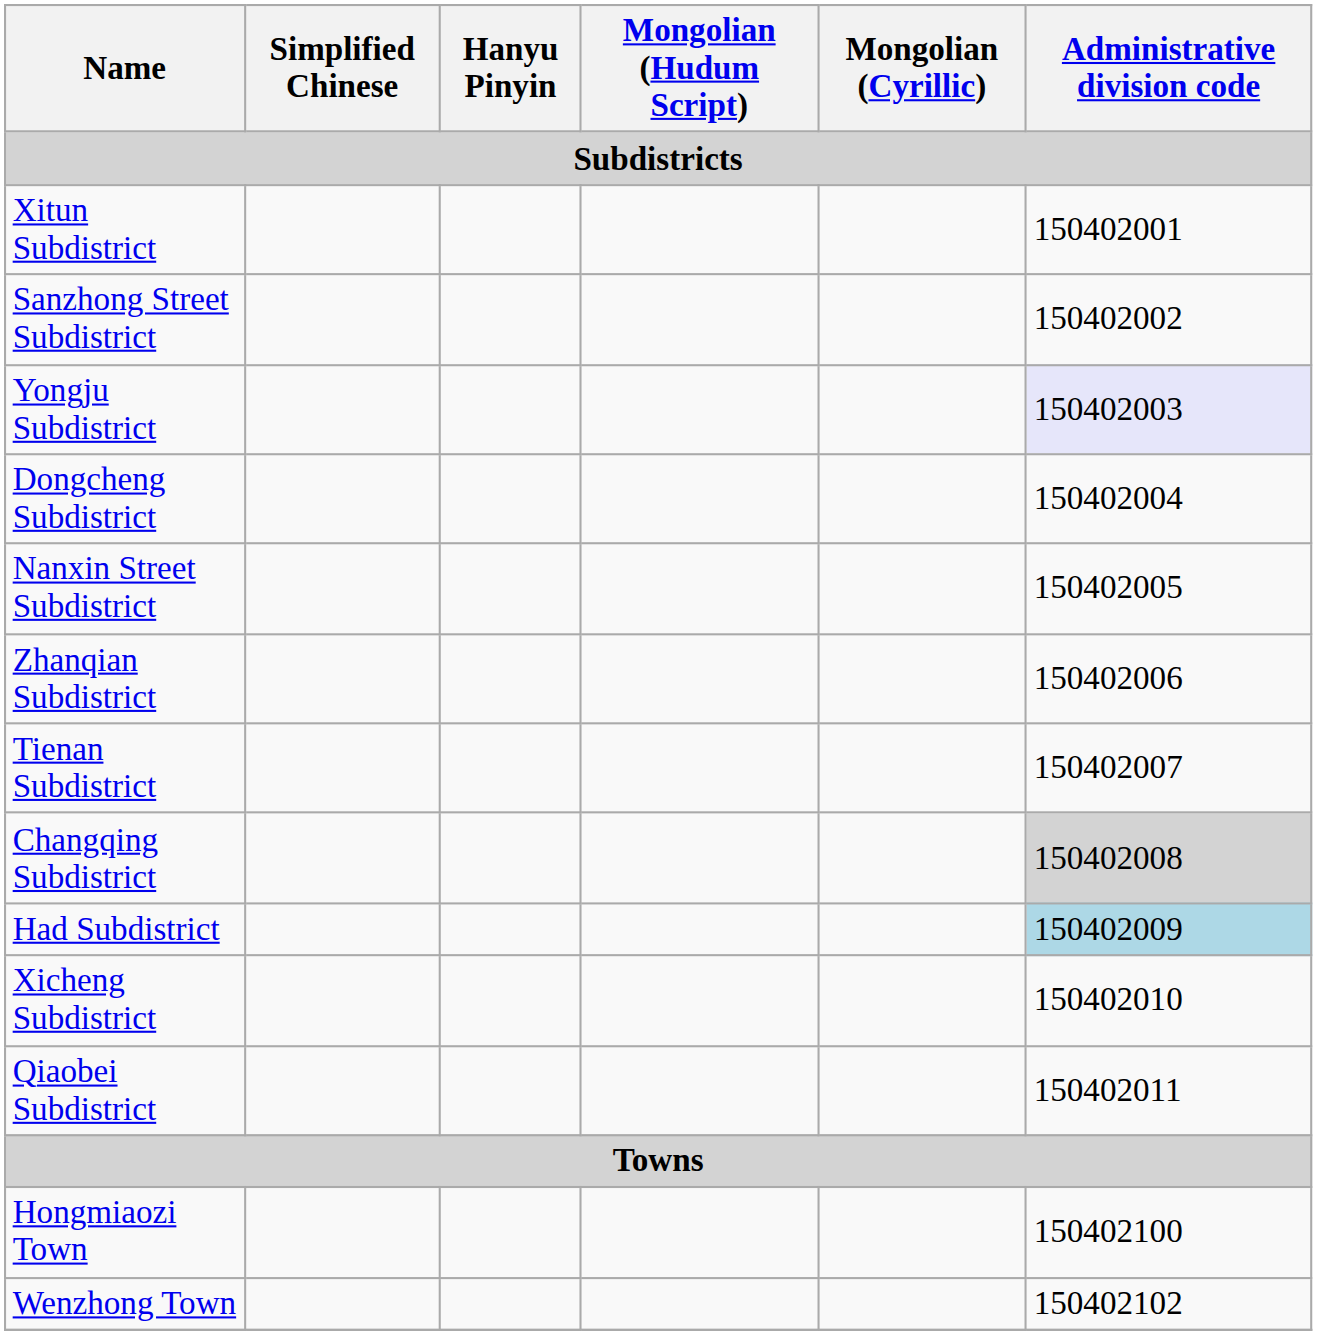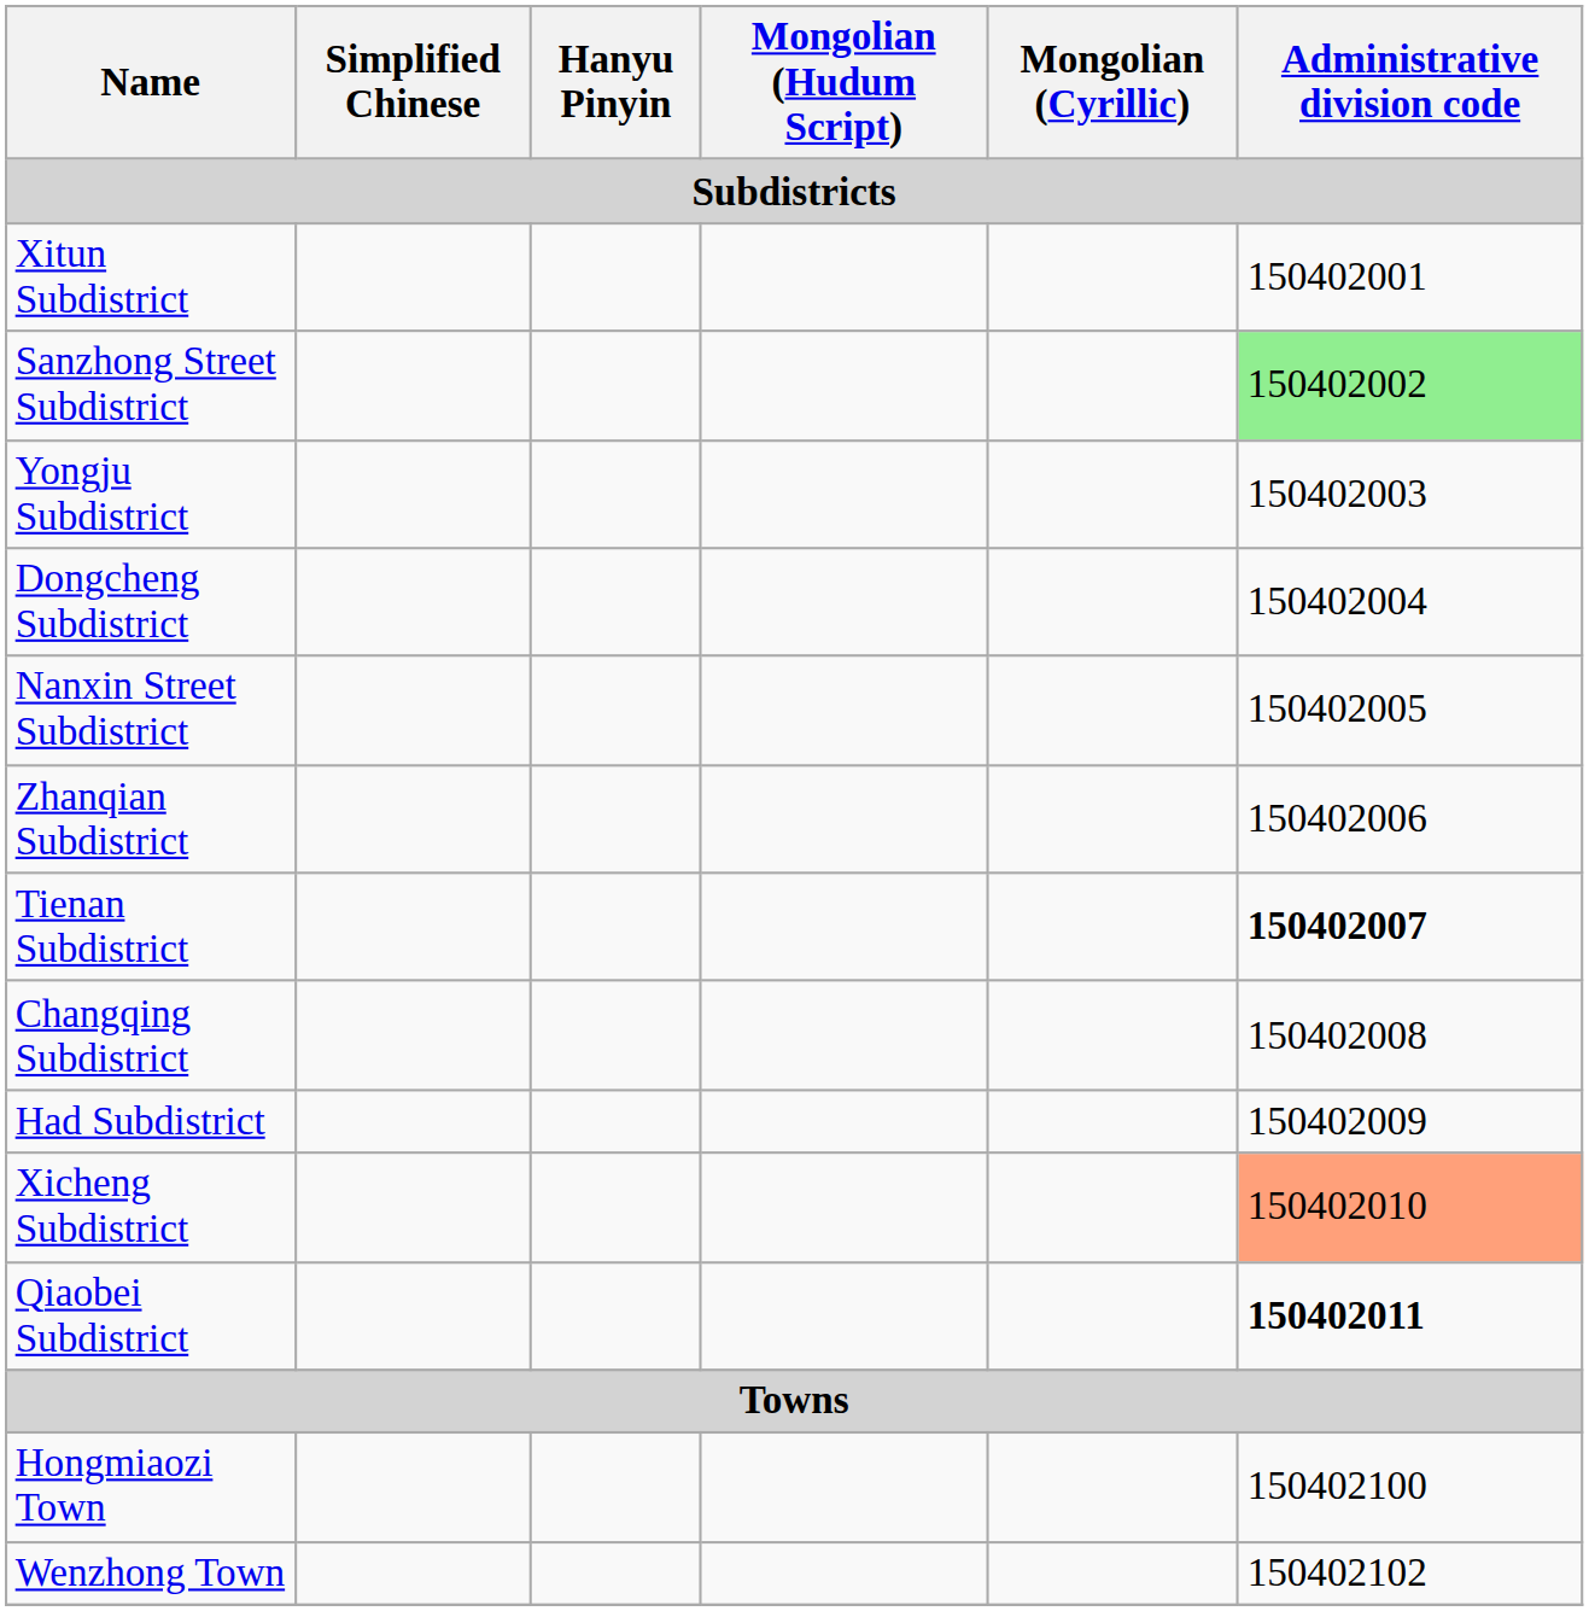 <table class="wikitable" align="center" style="width:50%; border="1">
 <tr>
 <th>Name</th>
 <th>Simplified Chinese</th>
 <th>Hanyu Pinyin</th>
 <th><a href='#'>Mongolian</a> (<a href='#'>Hudum Script</a>)</th>
 <th>Mongolian (<a href='#'>Cyrillic</a>)</th>
 <th><a href='#'>Administrative division code</a></th>
 </tr>
 <tr>
 <td colspan="6"  style="text-align:center; background:#d3d3d3;"><strong>Subdistricts</strong></td>
 </tr>
 <tr --------->
 <td><a href='#'>Xitun Subdistrict</a></td>
 <td></td>
 <td></td>
 <td></td>
 <td></td>
 <td>150402001</td>
 </tr>
 <tr>
 <td><a href='#'>Sanzhong Street Subdistrict</a></td>
 <td></td>
 <td></td>
 <td></td>
 <td></td>
-<td>150402002</td>
+<td style="background: lightgreen;">150402002</td>
 </tr>
 <tr>
 <td><a href='#'>Yongju Subdistrict</a></td>
 <td></td>
 <td></td>
 <td></td>
 <td></td>
-<td style="background: lavender;">150402003</td>
+<td>150402003</td>
 </tr>
 <tr>
 <td><a href='#'>Dongcheng Subdistrict</a></td>
 <td></td>
 <td></td>
 <td></td>
 <td></td>
 <td>150402004</td>
 </tr>
 <tr>
 <td><a href='#'>Nanxin Street Subdistrict</a></td>
 <td></td>
 <td></td>
 <td></td>
 <td></td>
 <td>150402005</td>
 </tr>
 <tr>
 <td><a href='#'>Zhanqian Subdistrict</a></td>
 <td></td>
 <td></td>
 <td></td>
 <td></td>
 <td>150402006</td>
 </tr>
 <tr>
 <td><a href='#'>Tienan Subdistrict</a></td>
 <td></td>
 <td></td>
 <td></td>
 <td></td>
-<td>150402007</td>
+<td><strong>150402007</strong></td>
 </tr>
 <tr>
 <td><a href='#'>Changqing Subdistrict</a></td>
 <td></td>
 <td></td>
 <td></td>
 <td></td>
-<td style="background: lightgrey;">150402008</td>
+<td>150402008</td>
 </tr>
 <tr>
 <td><a href='#'>Had Subdistrict</a></td>
 <td></td>
 <td></td>
 <td></td>
 <td></td>
-<td style="background: lightblue;">150402009</td>
+<td>150402009</td>
 </tr>
 <tr>
 <td><a href='#'>Xicheng Subdistrict</a></td>
 <td></td>
 <td></td>
 <td></td>
 <td></td>
-<td>150402010</td>
+<td style="background: lightsalmon;">150402010</td>
 </tr>
 <tr>
 <td><a href='#'>Qiaobei Subdistrict</a></td>
 <td></td>
 <td></td>
 <td></td>
 <td></td>
-<td>150402011</td>
+<td><strong>150402011</strong></td>
 </tr>
 <tr>
 <td colspan="6"  style="text-align:center; background:#d3d3d3;"><strong>Towns</strong></td>
 </tr>
 <tr --------->
 <td><a href='#'>Hongmiaozi Town</a></td>
 <td></td>
 <td></td>
 <td></td>
 <td></td>
 <td>150402100</td>
 </tr>
 <tr>
 <td><a href='#'>Wenzhong Town</a></td>
 <td></td>
 <td></td>
 <td></td>
 <td></td>
 <td>150402102</td>
 </tr>
 <tr>
 </tr>
 </table>
